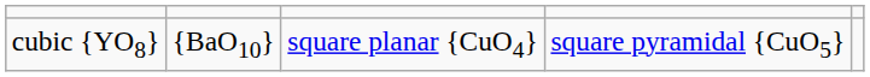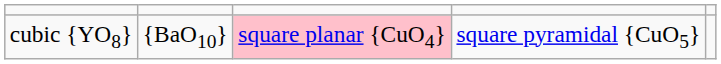 <table class="wikitable" style="margin:1em auto; text-align:center;">
 <tr>
 <td></td>
 <td></td>
 <td></td>
 <td></td>
 <td></td>
 </tr>
 <tr>
 <td>cubic {YO<sub>8</sub>}</td>
 <td>{BaO<sub>10</sub>}</td>
-<td><a href='#'>square planar</a> {CuO<sub>4</sub>}</td>
+<td style="background: pink;"><a href='#'>square planar</a> {CuO<sub>4</sub>}</td>
 <td><a href='#'>square pyramidal</a> {CuO<sub>5</sub>}</td>
 <td></td>
 </tr>
 </table>
